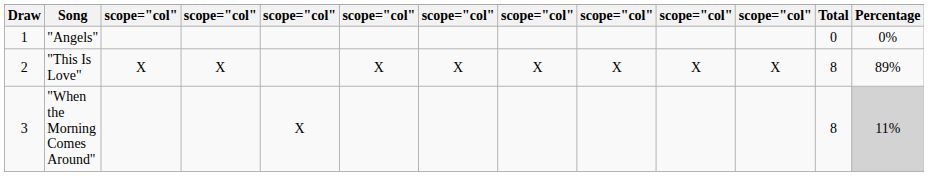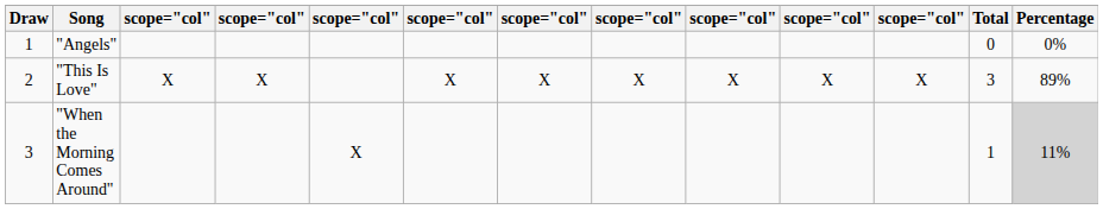 <table class="wikitable collapsible" style="margin: 1em auto 1em auto; text-align:center;">
 <tr>
 </tr>
 <tr>
 <th>Draw</th>
 <th>Song</th>
 <th>scope="col" </th>
 <th>scope="col" </th>
 <th>scope="col" </th>
 <th>scope="col" </th>
 <th>scope="col" </th>
 <th>scope="col" </th>
 <th>scope="col" </th>
 <th>scope="col" </th>
 <th>scope="col" </th>
 <th>Total</th>
 <th>Percentage</th>
 </tr>
 <tr>
 <td>1</td>
 <td align="left">"Angels"</td>
 <td></td>
 <td></td>
 <td></td>
 <td></td>
 <td></td>
 <td></td>
 <td></td>
 <td></td>
 <td></td>
 <td>0</td>
 <td>0%</td>
 </tr>
 <tr>
 <td>2</td>
 <td align="left">"This Is Love"</td>
 <td>X</td>
 <td>X</td>
 <td></td>
 <td>X</td>
 <td>X</td>
 <td>X</td>
 <td>X</td>
 <td>X</td>
 <td>X</td>
-<td>8</td>
+<td>3</td>
 <td>89%</td>
 </tr>
 <tr>
 <td>3</td>
 <td align="left">"When the Morning Comes Around"</td>
 <td></td>
 <td></td>
 <td>X</td>
 <td></td>
 <td></td>
 <td></td>
 <td></td>
 <td></td>
 <td></td>
-<td>8</td>
+<td>1</td>
 <td style="background: lightgrey;">11%</td>
 </tr>
 </table>
